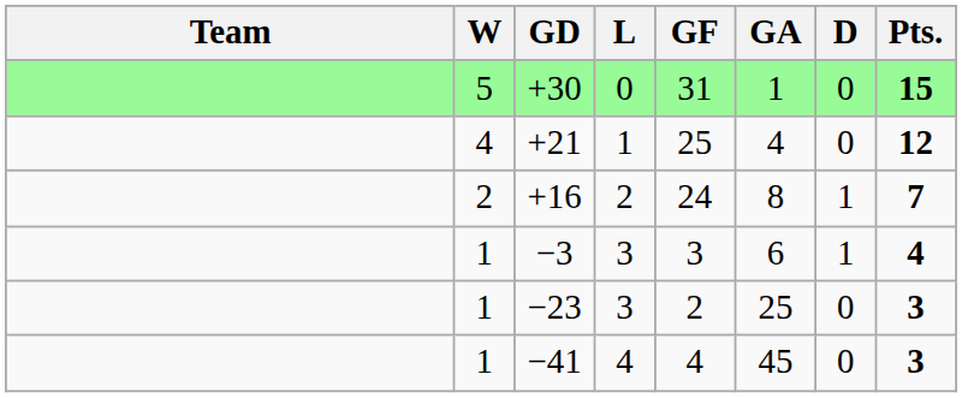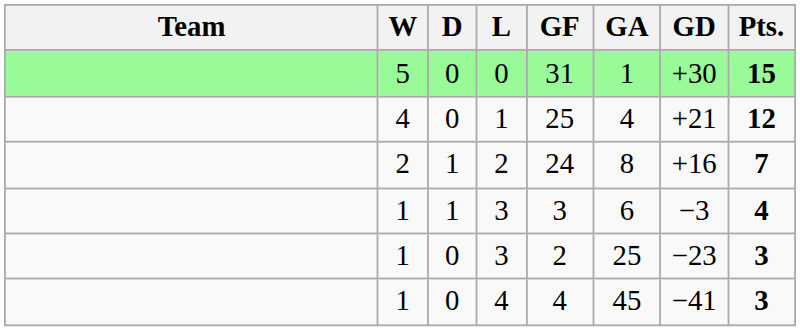 <table class="wikitable" style="text-align:center;">
 <tr>
 <th width=200px>Team</th>
 <th width=20px>W</th>
-<th width=30px>GD</th>
+<th width=20px>D</th>
 <th width=20px>L</th>
 <th width=30px>GF</th>
 <th width=30px>GA</th>
-<th width=20px>D</th>
+<th width=30px>GD</th>
 <th width=30px>Pts.</th>
 </tr>
 <tr bgcolor=#98fb98>
 <td align=left></td>
 <td>5</td>
-<td>+30</td>
+<td>0</td>
 <td>0</td>
 <td>31</td>
 <td>1</td>
-<td>0</td>
+<td>+30</td>
 <td><strong>15</strong></td>
 </tr>
 <tr>
 <td align=left></td>
 <td>4</td>
-<td>+21</td>
+<td>0</td>
 <td>1</td>
 <td>25</td>
 <td>4</td>
-<td>0</td>
+<td>+21</td>
 <td><strong>12</strong></td>
 </tr>
 <tr>
 <td align=left></td>
 <td>2</td>
-<td>+16</td>
+<td>1</td>
 <td>2</td>
 <td>24</td>
 <td>8</td>
-<td>1</td>
+<td>+16</td>
 <td><strong>7</strong></td>
 </tr>
 <tr>
 <td align=left></td>
 <td>1</td>
-<td>−3</td>
+<td>1</td>
 <td>3</td>
 <td>3</td>
 <td>6</td>
-<td>1</td>
+<td>−3</td>
 <td><strong>4</strong></td>
 </tr>
 <tr>
 <td align=left></td>
 <td>1</td>
-<td>−23</td>
+<td>0</td>
 <td>3</td>
 <td>2</td>
 <td>25</td>
-<td>0</td>
+<td>−23</td>
 <td><strong>3</strong></td>
 </tr>
 <tr>
 <td align=left></td>
 <td>1</td>
-<td>−41</td>
+<td>0</td>
 <td>4</td>
 <td>4</td>
 <td>45</td>
-<td>0</td>
+<td>−41</td>
 <td><strong>3</strong></td>
 </tr>
 </table>
